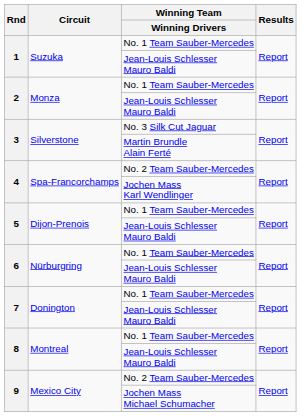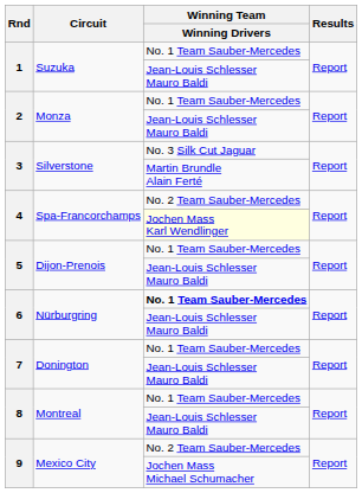 <table class="wikitable" style="font-size: 90%;">
 <tr>
 <th rowspan=2>Rnd</th>
 <th rowspan=2>Circuit</th>
 <th>Winning Team</th>
 <th rowspan=2>Results</th>
 </tr>
 <tr>
 <th>Winning Drivers</th>
 </tr>
 <tr>
 <th rowspan=2>1</th>
 <td rowspan=2><a href='#'>Suzuka</a></td>
 <td> No. 1 <a href='#'>Team Sauber-Mercedes</a></td>
 <td rowspan=2><a href='#'>Report</a></td>
 </tr>
 <tr>
 <td> <a href='#'>Jean-Louis Schlesser</a><br> <a href='#'>Mauro Baldi</a></td>
 </tr>
 <tr>
 <th rowspan=2>2</th>
 <td rowspan=2><a href='#'>Monza</a></td>
 <td> No. 1 <a href='#'>Team Sauber-Mercedes</a></td>
 <td rowspan=2><a href='#'>Report</a></td>
 </tr>
 <tr>
 <td> <a href='#'>Jean-Louis Schlesser</a><br> <a href='#'>Mauro Baldi</a></td>
 </tr>
 <tr>
 <th rowspan=2>3</th>
 <td rowspan=2><a href='#'>Silverstone</a></td>
 <td> No. 3 <a href='#'>Silk Cut Jaguar</a></td>
 <td rowspan=2><a href='#'>Report</a></td>
 </tr>
 <tr>
 <td> <a href='#'>Martin Brundle</a><br> <a href='#'>Alain Ferté</a></td>
 </tr>
 <tr>
 <th rowspan=2>4</th>
 <td rowspan=2><a href='#'>Spa-Francorchamps</a></td>
 <td> No. 2 <a href='#'>Team Sauber-Mercedes</a></td>
 <td rowspan=2><a href='#'>Report</a></td>
 </tr>
 <tr>
-<td> <a href='#'>Jochen Mass</a><br> <a href='#'>Karl Wendlinger</a></td>
+<td style="background: lightyellow;"> <a href='#'>Jochen Mass</a><br> <a href='#'>Karl Wendlinger</a></td>
 </tr>
 <tr>
 <th rowspan=2>5</th>
 <td rowspan=2><a href='#'>Dijon-Prenois</a></td>
 <td> No. 1 <a href='#'>Team Sauber-Mercedes</a></td>
 <td rowspan=2><a href='#'>Report</a></td>
 </tr>
 <tr>
 <td> <a href='#'>Jean-Louis Schlesser</a><br> <a href='#'>Mauro Baldi</a></td>
 </tr>
 <tr>
 <th rowspan=2>6</th>
 <td rowspan=2><a href='#'>Nürburgring</a></td>
-<td> No. 1 <a href='#'>Team Sauber-Mercedes</a></td>
+<td><strong> No. 1 <a href='#'>Team Sauber-Mercedes</a></strong></td>
 <td rowspan=2><a href='#'>Report</a></td>
 </tr>
 <tr>
 <td> <a href='#'>Jean-Louis Schlesser</a><br> <a href='#'>Mauro Baldi</a></td>
 </tr>
 <tr>
 <th rowspan=2>7</th>
 <td rowspan=2><a href='#'>Donington</a></td>
 <td> No. 1 <a href='#'>Team Sauber-Mercedes</a></td>
 <td rowspan=2><a href='#'>Report</a></td>
 </tr>
 <tr>
 <td> <a href='#'>Jean-Louis Schlesser</a><br> <a href='#'>Mauro Baldi</a></td>
 </tr>
 <tr>
 <th rowspan=2>8</th>
 <td rowspan=2><a href='#'>Montreal</a></td>
 <td> No. 1 <a href='#'>Team Sauber-Mercedes</a></td>
 <td rowspan=2><a href='#'>Report</a></td>
 </tr>
 <tr>
 <td> <a href='#'>Jean-Louis Schlesser</a><br> <a href='#'>Mauro Baldi</a></td>
 </tr>
 <tr>
 <th rowspan=2>9</th>
 <td rowspan=2><a href='#'>Mexico City</a></td>
 <td> No. 2 <a href='#'>Team Sauber-Mercedes</a></td>
 <td rowspan=2><a href='#'>Report</a></td>
 </tr>
 <tr>
 <td> <a href='#'>Jochen Mass</a><br> <a href='#'>Michael Schumacher</a></td>
 </tr>
 </table>
